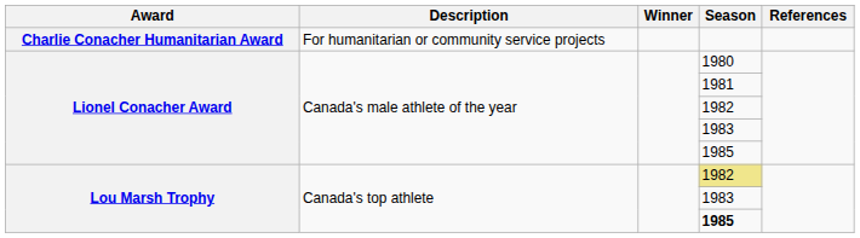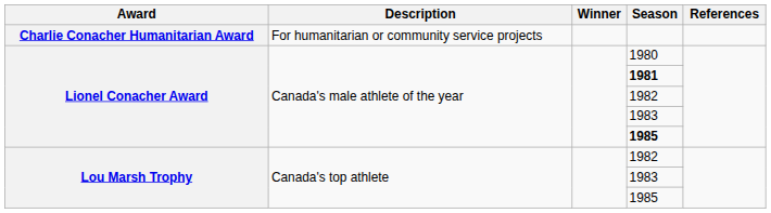 <table class="wikitable sortable" width="75%">
 <tr>
 <th scope="col">Award</th>
 <th scope="col" class="unsortable">Description</th>
 <th scope="col">Winner</th>
 <th scope="col">Season</th>
 <th scope="col" class="unsortable">References</th>
 </tr>
 <tr>
 <th scope="row"><a href='#'>Charlie Conacher Humanitarian Award</a></th>
 <td>For humanitarian or community service projects</td>
 <td></td>
 <td></td>
 <td></td>
 </tr>
 <tr>
 <th scope="row" rowspan="5"><a href='#'>Lionel Conacher Award</a></th>
 <td rowspan="5">Canada's male athlete of the year</td>
 <td rowspan="5"></td>
 <td>1980</td>
 <td rowspan="5"></td>
 </tr>
 <tr>
-<td>1981</td>
+<td><strong>1981</strong></td>
 </tr>
 <tr>
 <td>1982</td>
 </tr>
 <tr>
 <td>1983</td>
 </tr>
 <tr>
-<td>1985</td>
+<td><strong>1985</strong></td>
 </tr>
 <tr>
 <th scope="row" rowspan="3"><a href='#'>Lou Marsh Trophy</a></th>
 <td rowspan="3">Canada's top athlete</td>
 <td rowspan="3"></td>
-<td style="background: khaki;">1982</td>
+<td>1982</td>
 <td rowspan="3"></td>
 </tr>
 <tr>
 <td>1983</td>
 </tr>
 <tr>
-<td><strong>1985</strong></td>
+<td>1985</td>
 </tr>
 </table>
